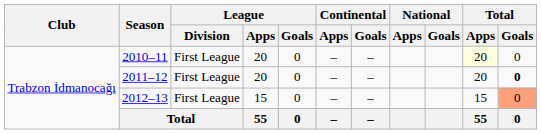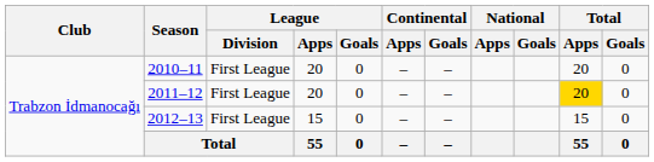 <table class="wikitable" style="text-align: center;">
 <tr>
 <th rowspan=2>Club</th>
 <th rowspan=2>Season</th>
 <th colspan=3>League</th>
 <th colspan=2>Continental</th>
 <th colspan=2>National</th>
 <th colspan=2>Total</th>
 </tr>
 <tr>
 <th>Division</th>
 <th>Apps</th>
 <th>Goals</th>
 <th>Apps</th>
 <th>Goals</th>
 <th>Apps</th>
 <th>Goals</th>
 <th>Apps</th>
 <th>Goals</th>
 </tr>
 <tr>
 <td rowspan=4><a href='#'>Trabzon İdmanocağı</a></td>
 <td><a href='#'>2010–11</a></td>
 <td>First League</td>
 <td>20</td>
 <td>0</td>
 <td>–</td>
 <td>–</td>
 <td></td>
 <td></td>
-<td style="background: lightyellow;">20</td>
+<td>20</td>
 <td>0</td>
 </tr>
 <tr>
 <td><a href='#'>2011–12</a></td>
 <td>First League</td>
 <td>20</td>
 <td>0</td>
 <td>–</td>
 <td>–</td>
 <td></td>
 <td></td>
-<td>20</td>
-<td><strong>0</strong></td>
+<td style="background: gold;">20</td>
+<td>0</td>
 </tr>
 <tr>
 <td><a href='#'>2012–13</a></td>
 <td>First League</td>
 <td>15</td>
 <td>0</td>
 <td>–</td>
 <td>–</td>
 <td></td>
 <td></td>
 <td>15</td>
-<td style="background: lightsalmon;">0</td>
+<td>0</td>
 </tr>
 <tr>
 <th colspan=2>Total</th>
 <th>55</th>
 <th>0</th>
 <th>–</th>
 <th>–</th>
 <th></th>
 <th></th>
 <th>55</th>
 <th>0</th>
 </tr>
 </table>
